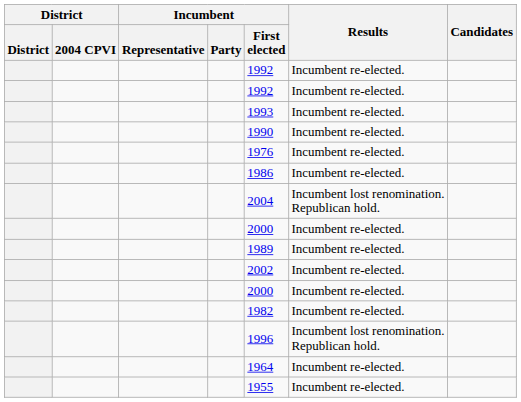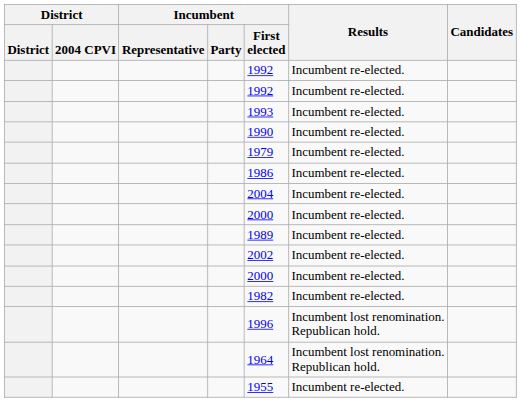 <table class="wikitable sortable">
 <tr>
 <th colspan=2>District</th>
 <th colspan=3>Incumbent</th>
 <th rowspan=2>Results</th>
 <th rowspan=2>Candidates</th>
 </tr>
 <tr valign=bottom>
 <th>District</th>
 <th>2004 CPVI</th>
 <th>Representative</th>
 <th>Party</th>
 <th>First<br>elected</th>
 </tr>
 <tr>
 <th></th>
 <td></td>
 <td></td>
 <td></td>
 <td><a href='#'>1992</a></td>
 <td>Incumbent re-elected.</td>
 <td nowrap><br></td>
 </tr>
 <tr>
 <th></th>
 <td></td>
 <td></td>
 <td></td>
 <td><a href='#'>1992</a></td>
 <td>Incumbent re-elected.</td>
 <td nowrap></td>
 </tr>
 <tr>
 <th></th>
 <td></td>
 <td></td>
 <td></td>
 <td><a href='#'>1993</a></td>
 <td>Incumbent re-elected.</td>
 <td nowrap></td>
 </tr>
 <tr>
 <th></th>
 <td></td>
 <td></td>
 <td></td>
 <td><a href='#'>1990</a></td>
 <td>Incumbent re-elected.</td>
 <td nowrap><br></td>
 </tr>
 <tr>
 <th></th>
 <td></td>
 <td></td>
 <td></td>
-<td><a href='#'>1976</a></td>
+<td><a href='#'>1979</a></td>
 <td>Incumbent re-elected.</td>
 <td nowrap></td>
 </tr>
 <tr>
 <th></th>
 <td></td>
 <td></td>
 <td></td>
 <td><a href='#'>1986</a></td>
 <td>Incumbent re-elected.</td>
 <td nowrap></td>
 </tr>
 <tr>
 <th></th>
 <td></td>
 <td></td>
 <td></td>
 <td><a href='#'>2004</a></td>
-<td>Incumbent lost renomination.<br>Republican hold.</td>
+<td>Incumbent re-elected.</td>
 <td nowrap></td>
 </tr>
 <tr>
 <th></th>
 <td></td>
 <td></td>
 <td></td>
 <td><a href='#'>2000</a></td>
 <td>Incumbent re-elected.</td>
 <td nowrap></td>
 </tr>
 <tr>
 <th></th>
 <td></td>
 <td></td>
 <td></td>
 <td><a href='#'>1989</a></td>
 <td>Incumbent re-elected.</td>
 <td nowrap></td>
 </tr>
 <tr>
 <th></th>
 <td></td>
 <td></td>
 <td></td>
 <td><a href='#'>2002</a></td>
 <td>Incumbent re-elected.</td>
 <td nowrap><br></td>
 </tr>
 <tr>
 <th></th>
 <td></td>
 <td></td>
 <td></td>
 <td><a href='#'>2000</a></td>
 <td>Incumbent re-elected.</td>
 <td nowrap></td>
 </tr>
 <tr>
 <th></th>
 <td></td>
 <td></td>
 <td></td>
 <td><a href='#'>1982</a></td>
 <td>Incumbent re-elected.</td>
 <td nowrap><br></td>
 </tr>
 <tr>
 <th></th>
 <td></td>
 <td></td>
 <td></td>
 <td><a href='#'>1996</a></td>
 <td>Incumbent lost renomination.<br>Republican hold.</td>
 <td nowrap></td>
 </tr>
 <tr>
 <th></th>
 <td></td>
 <td></td>
 <td></td>
 <td><a href='#'>1964</a></td>
-<td>Incumbent re-elected.</td>
+<td>Incumbent lost renomination.<br>Republican hold.</td>
 <td nowrap></td>
 </tr>
 <tr>
 <th></th>
 <td></td>
 <td></td>
 <td></td>
 <td><a href='#'>1955 </a></td>
 <td>Incumbent re-elected.</td>
 <td nowrap></td>
 </tr>
 </table>
